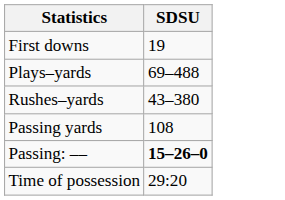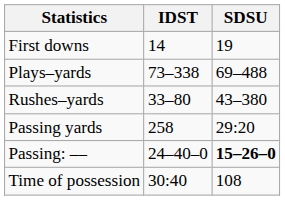 <table class="wikitable" style="float:left">
 <tr>
 <th>Statistics</th>
+<th>IDST</th>
 <th>SDSU</th>
 </tr>
 <tr>
 <td>First downs</td>
+<td>14</td>
 <td>19</td>
 </tr>
 <tr>
 <td>Plays–yards</td>
+<td>73–338</td>
 <td>69–488</td>
 </tr>
 <tr>
 <td>Rushes–yards</td>
+<td>33–80</td>
 <td>43–380</td>
 </tr>
 <tr>
 <td>Passing yards</td>
-<td>108</td>
+<td>258</td>
+<td>29:20</td>
 </tr>
 <tr>
 <td>Passing: ––</td>
+<td>24–40–0</td>
 <td><strong>15–26–0</strong></td>
 </tr>
 <tr>
 <td>Time of possession</td>
-<td>29:20</td>
+<td>30:40</td>
+<td>108</td>
 </tr>
 </table>
